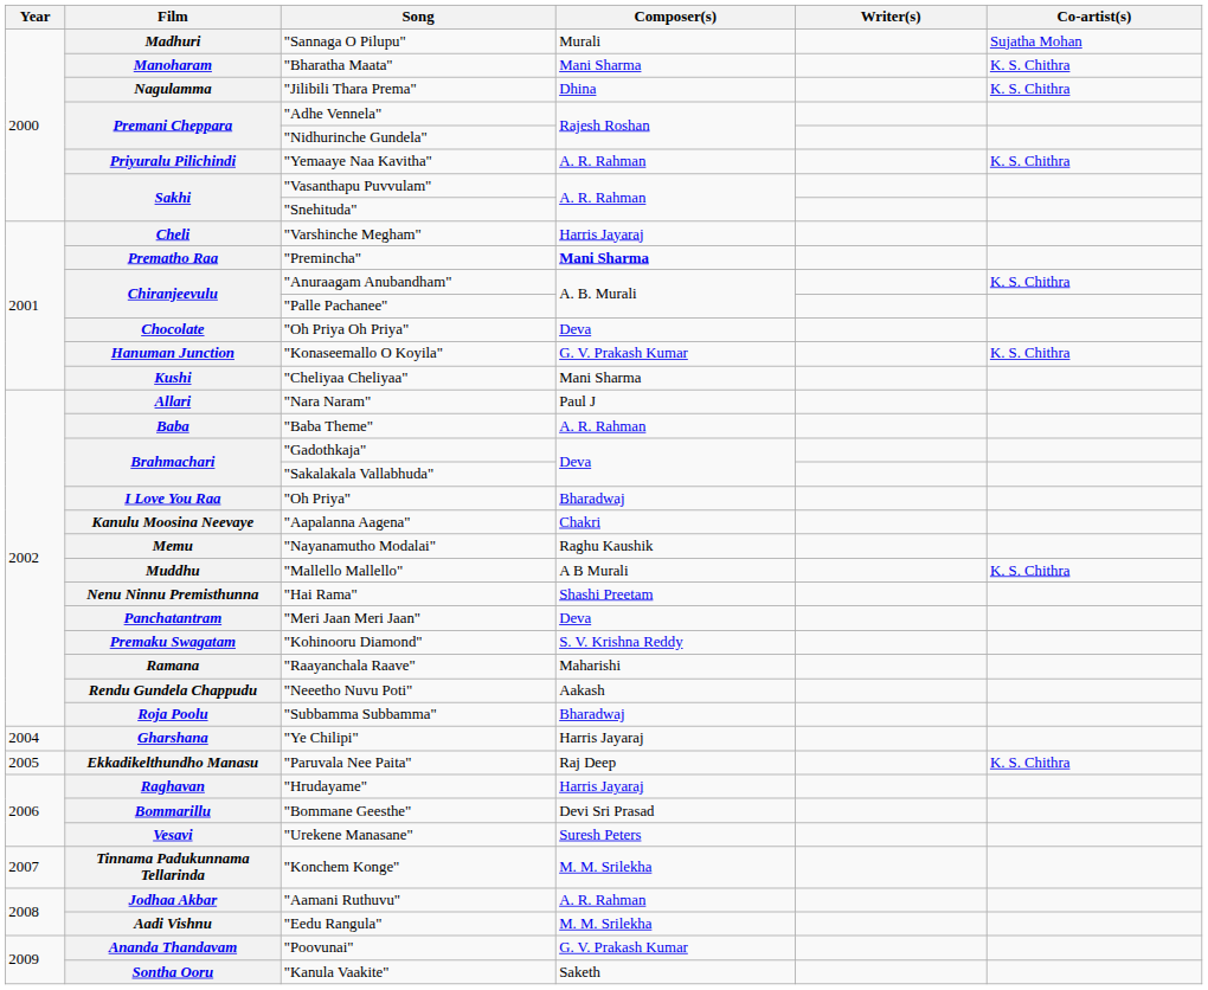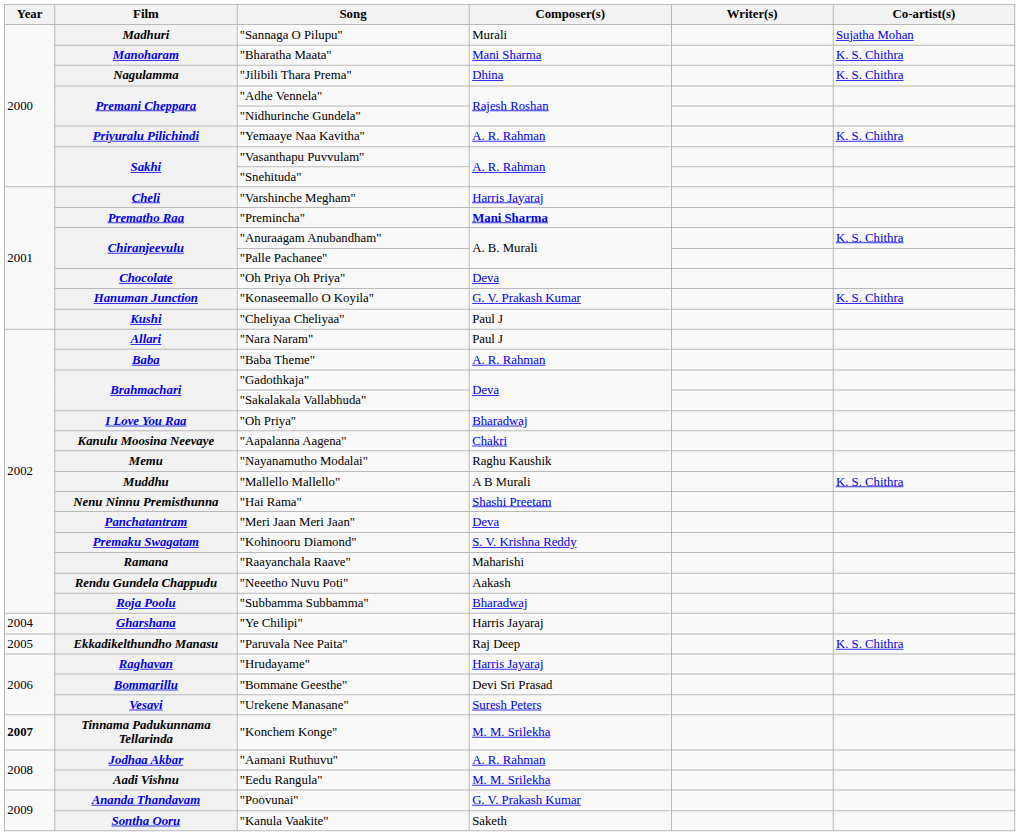 <table class="wikitable plainrowheaders" width="100%" textcolor:#000;">
 <tr style="background:#b0e0e66;">
 <th scope="col" width=5%><strong>Year</strong></th>
 <th><strong>Film</strong></th>
 <th scope="col" width=23%><strong>Song</strong></th>
 <th scope="col" width=20%><strong>Composer(s)</strong></th>
 <th scope="col" width=16%><strong>Writer(s)</strong></th>
 <th scope="col" width=18%><strong>Co-artist(s)</strong></th>
 </tr>
 <tr>
 <td rowspan="8">2000</td>
 <th><em>Madhuri</em></th>
 <td>"Sannaga O Pilupu"</td>
 <td>Murali</td>
 <td></td>
 <td><a href='#'>Sujatha Mohan</a></td>
 </tr>
 <tr>
 <th><em><a href='#'>Manoharam</a></em></th>
 <td>"Bharatha Maata"</td>
 <td><a href='#'>Mani Sharma</a></td>
 <td></td>
 <td><a href='#'>K. S. Chithra</a></td>
 </tr>
 <tr>
 <th><em>Nagulamma</em></th>
 <td>"Jilibili Thara Prema"</td>
 <td><a href='#'>Dhina</a></td>
 <td></td>
 <td><a href='#'>K. S. Chithra</a></td>
 </tr>
 <tr>
 <th rowspan="2"><a href='#'><em>Premani Cheppara</em></a></th>
 <td>"Adhe Vennela"</td>
 <td rowspan="2"><a href='#'>Rajesh Roshan</a></td>
 <td></td>
 <td></td>
 </tr>
 <tr>
 <td>"Nidhurinche Gundela"</td>
 <td></td>
 <td></td>
 </tr>
 <tr>
 <th><em><a href='#'>Priyuralu Pilichindi</a></em></th>
 <td>"Yemaaye Naa Kavitha"</td>
 <td><a href='#'>A. R. Rahman</a></td>
 <td></td>
 <td><a href='#'>K. S. Chithra</a></td>
 </tr>
 <tr>
 <th rowspan="2"><em><a href='#'>Sakhi</a></em></th>
 <td>"Vasanthapu Puvvulam"</td>
 <td rowspan="2"><a href='#'>A. R. Rahman</a></td>
 <td></td>
 <td></td>
 </tr>
 <tr>
 <td>"Snehituda"</td>
 <td></td>
 <td></td>
 </tr>
 <tr>
 <td rowspan="7">2001</td>
 <th><em><a href='#'>Cheli</a></em></th>
 <td>"Varshinche Megham"</td>
 <td><a href='#'>Harris Jayaraj</a></td>
 <td></td>
 <td></td>
 </tr>
 <tr>
 <th><em><a href='#'>Prematho Raa</a></em></th>
 <td>"Premincha"</td>
 <td><strong><a href='#'>Mani Sharma</a></strong></td>
 <td></td>
 <td></td>
 </tr>
 <tr>
 <th rowspan="2"><a href='#'><em>Chiranjeevulu</em></a></th>
 <td>"Anuraagam Anubandham"</td>
 <td rowspan="2">A. B. Murali</td>
 <td></td>
 <td><a href='#'>K. S. Chithra</a></td>
 </tr>
 <tr>
 <td>"Palle Pachanee"</td>
 <td></td>
 <td></td>
 </tr>
 <tr>
 <th><em><a href='#'>Chocolate</a></em></th>
 <td>"Oh Priya Oh Priya"</td>
 <td><a href='#'>Deva</a></td>
 <td></td>
 <td></td>
 </tr>
 <tr>
 <th><a href='#'><em>Hanuman Junction</em></a></th>
 <td>"Konaseemallo O Koyila"</td>
 <td><a href='#'>G. V. Prakash Kumar</a></td>
 <td></td>
 <td><a href='#'>K. S. Chithra</a></td>
 </tr>
 <tr>
 <th><em><a href='#'>Kushi</a></em></th>
 <td>"Cheliyaa Cheliyaa"</td>
-<td>Mani Sharma</td>
+<td>Paul J</td>
 <td></td>
 <td></td>
 </tr>
 <tr>
 <td rowspan="14">2002</td>
 <th><em><a href='#'>Allari</a></em></th>
 <td>"Nara Naram"</td>
 <td>Paul J</td>
 <td></td>
 <td></td>
 </tr>
 <tr>
 <th><em><a href='#'>Baba</a></em></th>
 <td>"Baba Theme"</td>
 <td><a href='#'>A. R. Rahman</a></td>
 <td></td>
 <td></td>
 </tr>
 <tr>
 <th rowspan="2"><em><a href='#'>Brahmachari</a></em></th>
 <td>"Gadothkaja"</td>
 <td rowspan="2"><a href='#'>Deva</a></td>
 <td></td>
 <td></td>
 </tr>
 <tr>
 <td>"Sakalakala Vallabhuda"</td>
 <td></td>
 <td></td>
 </tr>
 <tr>
 <th><a href='#'><em>I Love You Raa</em></a></th>
 <td>"Oh Priya"</td>
 <td><a href='#'>Bharadwaj</a></td>
 <td></td>
 <td></td>
 </tr>
 <tr>
 <th><em>Kanulu Moosina Neevaye</em></th>
 <td>"Aapalanna Aagena"</td>
 <td><a href='#'>Chakri</a></td>
 <td></td>
 <td></td>
 </tr>
 <tr>
 <th><em>Memu</em></th>
 <td>"Nayanamutho Modalai"</td>
 <td>Raghu Kaushik</td>
 <td></td>
 <td></td>
 </tr>
 <tr>
 <th><em>Muddhu</em></th>
 <td>"Mallello Mallello"</td>
 <td>A B Murali</td>
 <td></td>
 <td><a href='#'>K. S. Chithra</a></td>
 </tr>
 <tr>
 <th><em>Nenu Ninnu Premisthunna</em></th>
 <td>"Hai Rama"</td>
 <td><a href='#'>Shashi Preetam</a></td>
 <td></td>
 <td></td>
 </tr>
 <tr>
 <th><em><a href='#'>Panchatantram</a></em></th>
 <td>"Meri Jaan Meri Jaan"</td>
 <td><a href='#'>Deva</a></td>
 <td></td>
 <td></td>
 </tr>
 <tr>
 <th><em><a href='#'>Premaku Swagatam</a></em></th>
 <td>"Kohinooru Diamond"</td>
 <td><a href='#'>S. V. Krishna Reddy</a></td>
 <td></td>
 <td></td>
 </tr>
 <tr>
 <th><em>Ramana</em></th>
 <td>"Raayanchala Raave"</td>
 <td>Maharishi</td>
 <td></td>
 <td></td>
 </tr>
 <tr>
 <th><em>Rendu Gundela Chappudu</em></th>
 <td>"Neeetho Nuvu Poti"</td>
 <td>Aakash</td>
 <td></td>
 <td></td>
 </tr>
 <tr>
 <th><a href='#'><em>Roja Poolu</em></a></th>
 <td>"Subbamma Subbamma"</td>
 <td><a href='#'>Bharadwaj</a></td>
 <td></td>
 <td></td>
 </tr>
 <tr>
 <td>2004</td>
 <th><em><a href='#'>Gharshana</a></em></th>
 <td>"Ye Chilipi"</td>
 <td>Harris Jayaraj</td>
 <td></td>
 <td></td>
 </tr>
 <tr>
 <td>2005</td>
 <th><em>Ekkadikelthundho Manasu</em></th>
 <td>"Paruvala Nee Paita"</td>
 <td>Raj Deep</td>
 <td></td>
 <td><a href='#'>K. S. Chithra</a></td>
 </tr>
 <tr>
 <td rowspan="3">2006</td>
 <th><em><a href='#'>Raghavan</a></em></th>
 <td>"Hrudayame"</td>
 <td><a href='#'>Harris Jayaraj</a></td>
 <td></td>
 <td></td>
 </tr>
 <tr>
 <th><em><a href='#'>Bommarillu</a></em></th>
 <td>"Bommane Geesthe"</td>
 <td>Devi Sri Prasad</td>
 <td></td>
 <td></td>
 </tr>
 <tr>
 <th><em><a href='#'>Vesavi</a></em></th>
 <td>"Urekene Manasane"</td>
 <td><a href='#'>Suresh Peters</a></td>
 <td></td>
 <td></td>
 </tr>
 <tr>
-<td>2007</td>
+<td><strong>2007</strong></td>
 <th><em>Tinnama Padukunnama Tellarinda</em></th>
 <td>"Konchem Konge"</td>
 <td><a href='#'>M. M. Srilekha</a></td>
 <td></td>
 <td></td>
 </tr>
 <tr>
 <td rowspan="2">2008</td>
 <th><em><a href='#'>Jodhaa Akbar</a></em></th>
 <td>"Aamani Ruthuvu"</td>
 <td><a href='#'>A. R. Rahman</a></td>
 <td></td>
 <td></td>
 </tr>
 <tr>
 <th><em>Aadi Vishnu</em></th>
 <td>"Eedu Rangula"</td>
 <td><a href='#'>M. M. Srilekha</a></td>
 <td></td>
 <td></td>
 </tr>
 <tr>
 <td rowspan="2">2009</td>
 <th><a href='#'><em>Ananda Thandavam</em></a></th>
 <td>"Poovunai"</td>
 <td><a href='#'>G. V. Prakash Kumar</a></td>
 <td></td>
 <td></td>
 </tr>
 <tr>
 <th><em><a href='#'>Sontha Ooru</a></em></th>
 <td>"Kanula Vaakite"</td>
 <td>Saketh</td>
 <td></td>
 <td></td>
 </tr>
 </table>
